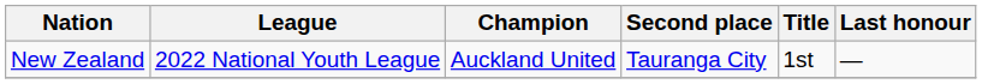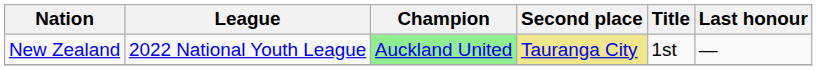 <table class="wikitable sortable">
 <tr>
 <th>Nation</th>
 <th>League</th>
 <th>Champion</th>
 <th>Second place</th>
 <th data-sort-type="number">Title</th>
 <th>Last honour</th>
 </tr>
 <tr>
 <td> <a href='#'>New Zealand</a></td>
 <td><a href='#'>2022 National Youth League</a></td>
-<td><a href='#'>Auckland United</a></td>
-<td><a href='#'>Tauranga City</a></td>
+<td style="background: lightgreen;"><a href='#'>Auckland United</a></td>
+<td style="background: khaki;"><a href='#'>Tauranga City</a></td>
 <td>1st</td>
 <td>—</td>
 </tr>
 <tr>
 </tr>
 </table>
